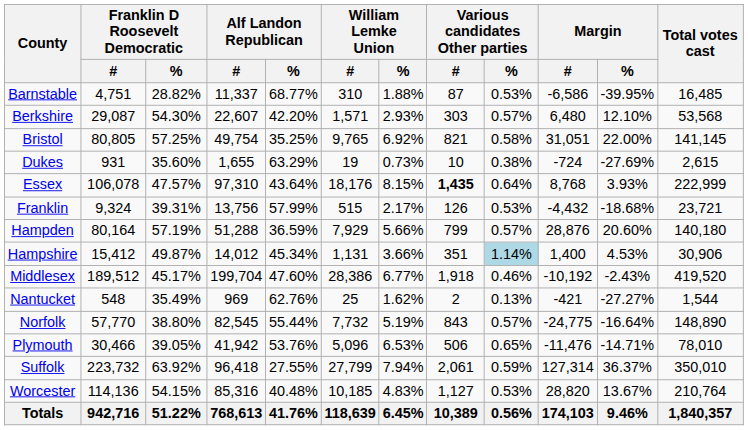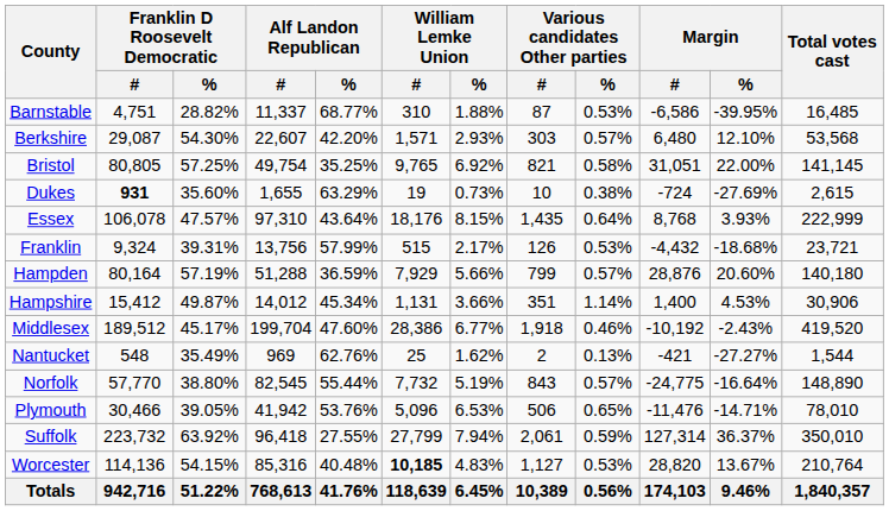 <table width="65%"  class="wikitable sortable" style="text-align:center">
 <tr>
 <th style="text-align:center;" rowspan="2">County</th>
 <th style="text-align:center;" colspan="2">Franklin D Roosevelt<br>Democratic</th>
 <th style="text-align:center;" colspan="2">Alf Landon<br>Republican</th>
 <th style="text-align:center;" colspan="2">William Lemke<br>Union</th>
 <th style="text-align:center;" colspan="2">Various candidates<br>Other parties</th>
 <th style="text-align:center;" colspan="2">Margin</th>
 <th style="text-align:center;" rowspan="2">Total votes cast</th>
 </tr>
 <tr>
 <th style="text-align:center;" data-sort-type="number">#</th>
 <th style="text-align:center;" data-sort-type="number">%</th>
 <th style="text-align:center;" data-sort-type="number">#</th>
 <th style="text-align:center;" data-sort-type="number">%</th>
 <th style="text-align:center;" data-sort-type="number">#</th>
 <th style="text-align:center;" data-sort-type="number">%</th>
 <th style="text-align:center;" data-sort-type="number">#</th>
 <th style="text-align:center;" data-sort-type="number">%</th>
 <th style="text-align:center;" data-sort-type="number">#</th>
 <th style="text-align:center;" data-sort-type="number">%</th>
 </tr>
 <tr style="text-align:center;">
 <td><a href='#'>Barnstable</a></td>
 <td>4,751</td>
 <td>28.82%</td>
 <td>11,337</td>
 <td>68.77%</td>
 <td>310</td>
 <td>1.88%</td>
 <td>87</td>
 <td>0.53%</td>
 <td>-6,586</td>
 <td>-39.95%</td>
 <td>16,485</td>
 </tr>
 <tr style="text-align:center;">
 <td><a href='#'>Berkshire</a></td>
 <td>29,087</td>
 <td>54.30%</td>
 <td>22,607</td>
 <td>42.20%</td>
 <td>1,571</td>
 <td>2.93%</td>
 <td>303</td>
 <td>0.57%</td>
 <td>6,480</td>
 <td>12.10%</td>
 <td>53,568</td>
 </tr>
 <tr style="text-align:center;">
 <td><a href='#'>Bristol</a></td>
 <td>80,805</td>
 <td>57.25%</td>
 <td>49,754</td>
 <td>35.25%</td>
 <td>9,765</td>
 <td>6.92%</td>
 <td>821</td>
 <td>0.58%</td>
 <td>31,051</td>
 <td>22.00%</td>
 <td>141,145</td>
 </tr>
 <tr style="text-align:center;">
 <td><a href='#'>Dukes</a></td>
-<td>931</td>
+<td><strong>931</strong></td>
 <td>35.60%</td>
 <td>1,655</td>
 <td>63.29%</td>
 <td>19</td>
 <td>0.73%</td>
 <td>10</td>
 <td>0.38%</td>
 <td>-724</td>
 <td>-27.69%</td>
 <td>2,615</td>
 </tr>
 <tr style="text-align:center;">
 <td><a href='#'>Essex</a></td>
 <td>106,078</td>
 <td>47.57%</td>
 <td>97,310</td>
 <td>43.64%</td>
 <td>18,176</td>
 <td>8.15%</td>
-<td><strong>1,435</strong></td>
+<td>1,435</td>
 <td>0.64%</td>
 <td>8,768</td>
 <td>3.93%</td>
 <td>222,999</td>
 </tr>
 <tr style="text-align:center;">
 <td><a href='#'>Franklin</a></td>
 <td>9,324</td>
 <td>39.31%</td>
 <td>13,756</td>
 <td>57.99%</td>
 <td>515</td>
 <td>2.17%</td>
 <td>126</td>
 <td>0.53%</td>
 <td>-4,432</td>
 <td>-18.68%</td>
 <td>23,721</td>
 </tr>
 <tr style="text-align:center;">
 <td><a href='#'>Hampden</a></td>
 <td>80,164</td>
 <td>57.19%</td>
 <td>51,288</td>
 <td>36.59%</td>
 <td>7,929</td>
 <td>5.66%</td>
 <td>799</td>
 <td>0.57%</td>
 <td>28,876</td>
 <td>20.60%</td>
 <td>140,180</td>
 </tr>
 <tr style="text-align:center;">
 <td><a href='#'>Hampshire</a></td>
 <td>15,412</td>
 <td>49.87%</td>
 <td>14,012</td>
 <td>45.34%</td>
 <td>1,131</td>
 <td>3.66%</td>
 <td>351</td>
-<td style="background: lightblue;">1.14%</td>
+<td>1.14%</td>
 <td>1,400</td>
 <td>4.53%</td>
 <td>30,906</td>
 </tr>
 <tr style="text-align:center;">
 <td><a href='#'>Middlesex</a></td>
 <td>189,512</td>
 <td>45.17%</td>
 <td>199,704</td>
 <td>47.60%</td>
 <td>28,386</td>
 <td>6.77%</td>
 <td>1,918</td>
 <td>0.46%</td>
 <td>-10,192</td>
 <td>-2.43%</td>
 <td>419,520</td>
 </tr>
 <tr style="text-align:center;">
 <td><a href='#'>Nantucket</a></td>
 <td>548</td>
 <td>35.49%</td>
 <td>969</td>
 <td>62.76%</td>
 <td>25</td>
 <td>1.62%</td>
 <td>2</td>
 <td>0.13%</td>
 <td>-421</td>
 <td>-27.27%</td>
 <td>1,544</td>
 </tr>
 <tr style="text-align:center;">
 <td><a href='#'>Norfolk</a></td>
 <td>57,770</td>
 <td>38.80%</td>
 <td>82,545</td>
 <td>55.44%</td>
 <td>7,732</td>
 <td>5.19%</td>
 <td>843</td>
 <td>0.57%</td>
 <td>-24,775</td>
 <td>-16.64%</td>
 <td>148,890</td>
 </tr>
 <tr style="text-align:center;">
 <td><a href='#'>Plymouth</a></td>
 <td>30,466</td>
 <td>39.05%</td>
 <td>41,942</td>
 <td>53.76%</td>
 <td>5,096</td>
 <td>6.53%</td>
 <td>506</td>
 <td>0.65%</td>
 <td>-11,476</td>
 <td>-14.71%</td>
 <td>78,010</td>
 </tr>
 <tr style="text-align:center;">
 <td><a href='#'>Suffolk</a></td>
 <td>223,732</td>
 <td>63.92%</td>
 <td>96,418</td>
 <td>27.55%</td>
 <td>27,799</td>
 <td>7.94%</td>
 <td>2,061</td>
 <td>0.59%</td>
 <td>127,314</td>
 <td>36.37%</td>
 <td>350,010</td>
 </tr>
 <tr style="text-align:center;">
 <td><a href='#'>Worcester</a></td>
 <td>114,136</td>
 <td>54.15%</td>
 <td>85,316</td>
 <td>40.48%</td>
-<td>10,185</td>
+<td><strong>10,185</strong></td>
 <td>4.83%</td>
 <td>1,127</td>
 <td>0.53%</td>
 <td>28,820</td>
 <td>13.67%</td>
 <td>210,764</td>
 </tr>
 <tr style="text-align:center;">
 <th>Totals</th>
 <th>942,716</th>
 <th>51.22%</th>
 <th>768,613</th>
 <th>41.76%</th>
 <th>118,639</th>
 <th>6.45%</th>
 <th>10,389</th>
 <th>0.56%</th>
 <th>174,103</th>
 <th>9.46%</th>
 <th>1,840,357</th>
 </tr>
 </table>
